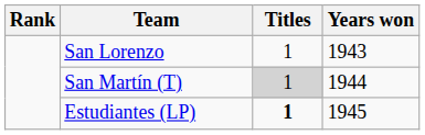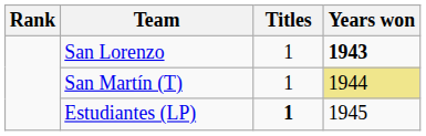 <table class="wikitable sortable" style="text-align:left" width=" ">
 <tr>
 <th>Rank</th>
 <th width=150px>Team</th>
 <th width=50px>Titles</th>
 <th width= px>Years won</th>
 </tr>
 <tr>
 <td rowspan="3"></td>
 <td><a href='#'>San Lorenzo</a></td>
 <td align="center">1</td>
-<td>1943</td>
+<td><strong>1943</strong></td>
 </tr>
 <tr>
 <td><a href='#'>San Martín (T)</a></td>
-<td align="center" style="background: lightgrey;">1</td>
-<td>1944</td>
+<td align="center">1</td>
+<td style="background: khaki;">1944</td>
 </tr>
 <tr>
 <td><a href='#'>Estudiantes (LP)</a></td>
 <td align="center"><strong>1</strong></td>
 <td>1945</td>
 </tr>
 </table>
